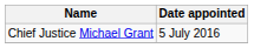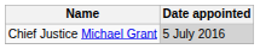 <table class="wikitable">
 <tr>
 <th>Name</th>
 <th>Date appointed</th>
 </tr>
 <tr>
 <td>Chief Justice <a href='#'>Michael Grant</a> </td>
-<td>5 July 2016</td>
+<td style="background: lightgrey;">5 July 2016</td>
 </tr>
 <tr>
 </tr>
 </table>
